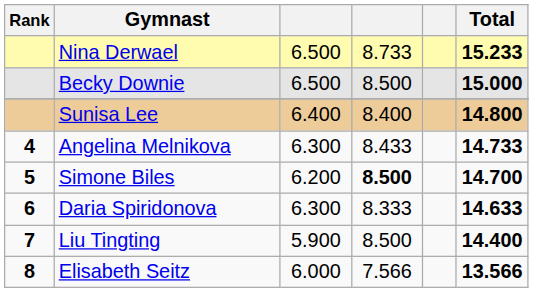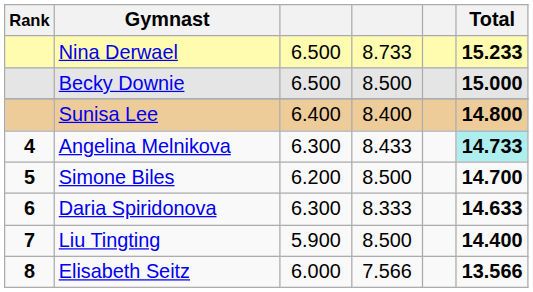 <table style="text-align:center;" class="wikitable sortable">
 <tr>
 <th scope="col" style="width:15px;"><small>Rank</small></th>
 <th scope="col" style="width:175px;">Gymnast</th>
 <th scope="col" style="width:50px;"><small></small></th>
 <th scope="col" style="width:50px;"><small></small></th>
 <th scope="col" style="width:20px;"><small></small></th>
 <th scope="col" style="width:50px;">Total</th>
 </tr>
 <tr style="background:#fffcaf;">
 <td scope="row" style="text-align:center"><strong></strong></td>
 <td style="text-align:left;"> <a href='#'>Nina Derwael</a></td>
 <td>6.500</td>
 <td>8.733</td>
 <td></td>
 <td><strong>15.233</strong></td>
 </tr>
 <tr style="background:#e5e5e5;">
 <td scope="row" style="text-align:center"><strong></strong></td>
 <td style="text-align:left;"> <a href='#'>Becky Downie</a></td>
 <td>6.500</td>
 <td>8.500</td>
 <td></td>
 <td><strong>15.000</strong></td>
 </tr>
 <tr>
 </tr>
 <tr style="background:#ec9;">
 <td scope="row" style="text-align:center"><strong></strong></td>
 <td style="text-align:left;"> <a href='#'>Sunisa Lee</a></td>
 <td>6.400</td>
 <td>8.400</td>
 <td></td>
 <td><strong>14.800</strong></td>
 </tr>
 <tr>
 <td scope="row" style="text-align:center"><strong>4</strong></td>
 <td style="text-align:left;"> <a href='#'>Angelina Melnikova</a></td>
 <td>6.300</td>
 <td>8.433</td>
 <td></td>
-<td><strong>14.733</strong></td>
+<td style="background: paleturquoise;"><strong>14.733</strong></td>
 </tr>
 <tr>
 <td scope="row" style="text-align:center"><strong>5</strong></td>
 <td style="text-align:left;"> <a href='#'>Simone Biles</a></td>
 <td>6.200</td>
-<td><strong>8.500</strong></td>
+<td>8.500</td>
 <td></td>
 <td><strong>14.700</strong></td>
 </tr>
 <tr>
 <td scope="row" style="text-align:center"><strong>6</strong></td>
 <td style="text-align:left;"> <a href='#'>Daria Spiridonova</a></td>
 <td>6.300</td>
 <td>8.333</td>
 <td></td>
 <td><strong>14.633</strong></td>
 </tr>
 <tr>
 <td scope="row" style="text-align:center"><strong>7</strong></td>
 <td style="text-align:left;"> <a href='#'>Liu Tingting</a></td>
 <td>5.900</td>
 <td>8.500</td>
 <td></td>
 <td><strong>14.400</strong></td>
 </tr>
 <tr>
 <td scope="row" style="text-align:center"><strong>8</strong></td>
 <td style="text-align:left;"> <a href='#'>Elisabeth Seitz</a></td>
 <td>6.000</td>
 <td>7.566</td>
 <td></td>
 <td><strong>13.566</strong></td>
 </tr>
 </table>
